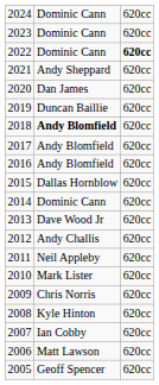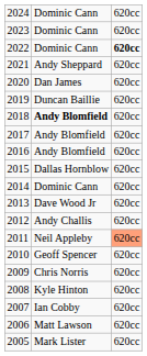 <table class="wikitable">
 <tr>
 <td>2024</td>
 <td>Dominic Cann</td>
 <td>620cc</td>
 </tr>
 <tr>
 <td>2023</td>
 <td>Dominic Cann</td>
 <td>620cc</td>
 </tr>
 <tr>
 <td>2022</td>
 <td>Dominic Cann</td>
 <td><strong>620cc</strong></td>
 </tr>
 <tr>
 <td>2021</td>
 <td>Andy Sheppard</td>
 <td>620cc</td>
 </tr>
 <tr>
 <td>2020</td>
 <td>Dan James</td>
 <td>620cc</td>
 </tr>
 <tr>
 <td>2019</td>
 <td>Duncan Baillie</td>
 <td>620cc</td>
 </tr>
 <tr>
 <td>2018</td>
 <td><strong>Andy Blomfield</strong></td>
 <td>620cc</td>
 </tr>
 <tr>
 <td>2017</td>
 <td>Andy Blomfield</td>
 <td>620cc</td>
 </tr>
 <tr>
 <td>2016</td>
 <td>Andy Blomfield</td>
 <td>620cc</td>
 </tr>
 <tr>
 <td>2015</td>
 <td>Dallas Hornblow</td>
 <td>620cc</td>
 </tr>
 <tr>
 <td>2014</td>
 <td>Dominic Cann</td>
 <td>620cc</td>
 </tr>
 <tr>
 <td>2013</td>
 <td>Dave Wood Jr</td>
 <td>620cc</td>
 </tr>
 <tr>
 <td>2012</td>
 <td>Andy Challis</td>
 <td>620cc</td>
 </tr>
 <tr>
 <td>2011</td>
 <td>Neil Appleby</td>
-<td>620cc</td>
+<td style="background: lightsalmon;">620cc</td>
 </tr>
 <tr>
 <td>2010</td>
-<td>Mark Lister</td>
+<td>Geoff Spencer</td>
 <td>620cc</td>
 </tr>
 <tr>
 <td>2009</td>
 <td>Chris Norris</td>
 <td>620cc</td>
 </tr>
 <tr>
 <td>2008</td>
 <td>Kyle Hinton</td>
 <td>620cc</td>
 </tr>
 <tr>
 <td>2007</td>
 <td>Ian Cobby</td>
 <td>620cc</td>
 </tr>
 <tr>
 <td>2006</td>
 <td>Matt Lawson</td>
 <td>620cc</td>
 </tr>
 <tr>
 <td>2005</td>
-<td>Geoff Spencer</td>
+<td>Mark Lister</td>
 <td>620cc</td>
 </tr>
 </table>
